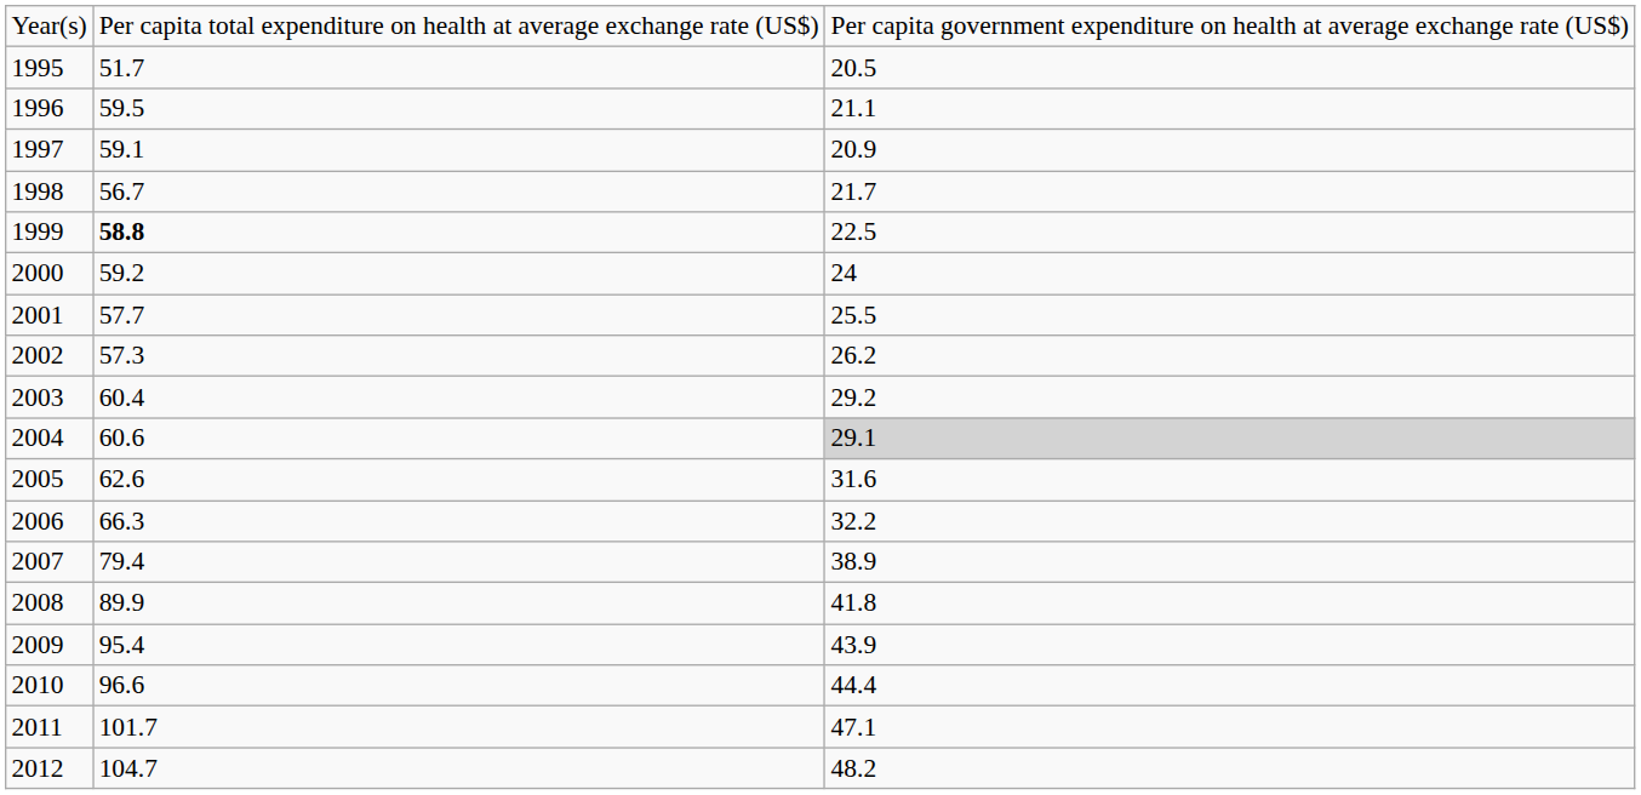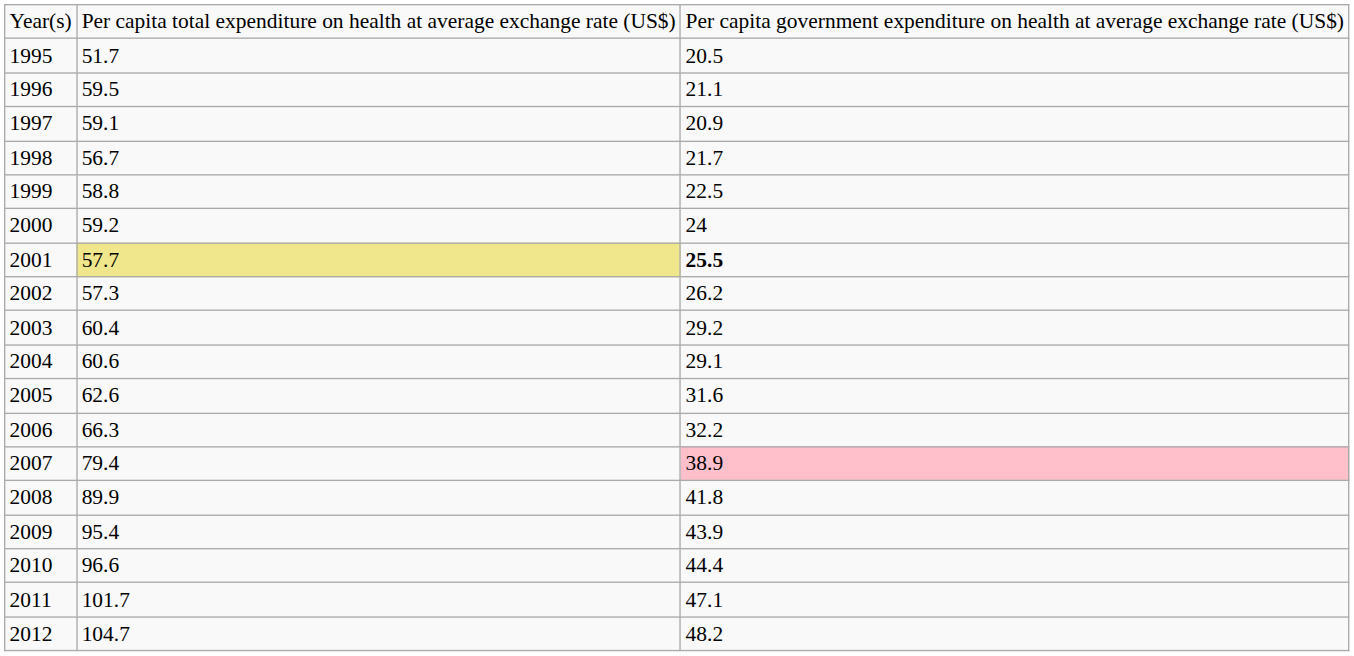 <table class="wikitable">
 <tr>
 <td>Year(s)</td>
 <td>Per capita total expenditure on health at  average exchange rate (US$)</td>
 <td>Per capita government expenditure on health  at average exchange rate (US$)</td>
 </tr>
 <tr>
 <td>1995</td>
 <td>51.7</td>
 <td>20.5</td>
 </tr>
 <tr>
 <td>1996</td>
 <td>59.5</td>
 <td>21.1</td>
 </tr>
 <tr>
 <td>1997</td>
 <td>59.1</td>
 <td>20.9</td>
 </tr>
 <tr>
 <td>1998</td>
 <td>56.7</td>
 <td>21.7</td>
 </tr>
 <tr>
 <td>1999</td>
-<td><strong>58.8</strong></td>
+<td>58.8</td>
 <td>22.5</td>
 </tr>
 <tr>
 <td>2000</td>
 <td>59.2</td>
 <td>24</td>
 </tr>
 <tr>
 <td>2001</td>
-<td>57.7</td>
-<td>25.5</td>
+<td style="background: khaki;">57.7</td>
+<td><strong>25.5</strong></td>
 </tr>
 <tr>
 <td>2002</td>
 <td>57.3</td>
 <td>26.2</td>
 </tr>
 <tr>
 <td>2003</td>
 <td>60.4</td>
 <td>29.2</td>
 </tr>
 <tr>
 <td>2004</td>
 <td>60.6</td>
-<td style="background: lightgrey;">29.1</td>
+<td>29.1</td>
 </tr>
 <tr>
 <td>2005</td>
 <td>62.6</td>
 <td>31.6</td>
 </tr>
 <tr>
 <td>2006</td>
 <td>66.3</td>
 <td>32.2</td>
 </tr>
 <tr>
 <td>2007</td>
 <td>79.4</td>
-<td>38.9</td>
+<td style="background: pink;">38.9</td>
 </tr>
 <tr>
 <td>2008</td>
 <td>89.9</td>
 <td>41.8</td>
 </tr>
 <tr>
 <td>2009</td>
 <td>95.4</td>
 <td>43.9</td>
 </tr>
 <tr>
 <td>2010</td>
 <td>96.6</td>
 <td>44.4</td>
 </tr>
 <tr>
 <td>2011</td>
 <td>101.7</td>
 <td>47.1</td>
 </tr>
 <tr>
 <td>2012</td>
 <td>104.7</td>
 <td>48.2</td>
 </tr>
 </table>
